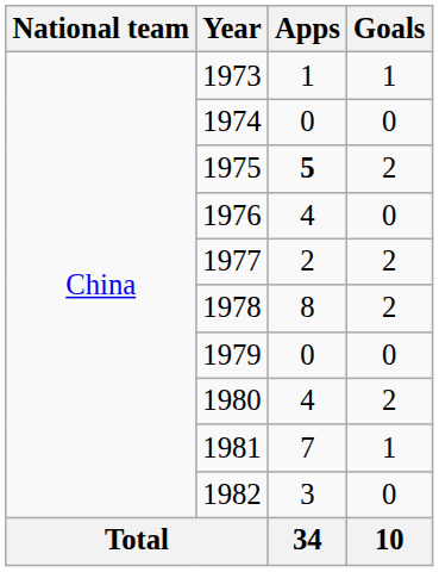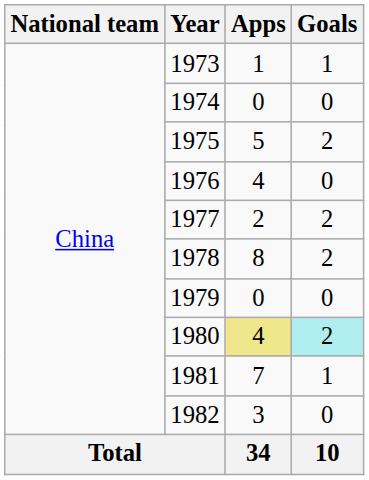 <table class="wikitable" style="text-align:center">
 <tr>
 <th>National team</th>
 <th>Year</th>
 <th>Apps</th>
 <th>Goals</th>
 </tr>
 <tr>
 <td rowspan="10"><a href='#'>China</a></td>
 <td>1973</td>
 <td>1</td>
 <td>1</td>
 </tr>
 <tr>
 <td>1974</td>
 <td>0</td>
 <td>0</td>
 </tr>
 <tr>
 <td>1975</td>
-<td><strong>5</strong></td>
+<td>5</td>
 <td>2</td>
 </tr>
 <tr>
 <td>1976</td>
 <td>4</td>
 <td>0</td>
 </tr>
 <tr>
 <td>1977</td>
 <td>2</td>
 <td>2</td>
 </tr>
 <tr>
 <td>1978</td>
 <td>8</td>
 <td>2</td>
 </tr>
 <tr>
 <td>1979</td>
 <td>0</td>
 <td>0</td>
 </tr>
 <tr>
 <td>1980</td>
-<td>4</td>
-<td>2</td>
+<td style="background: khaki;">4</td>
+<td style="background: paleturquoise;">2</td>
 </tr>
 <tr>
 <td>1981</td>
 <td>7</td>
 <td>1</td>
 </tr>
 <tr>
 <td>1982</td>
 <td>3</td>
 <td>0</td>
 </tr>
 <tr>
 <th colspan=2>Total</th>
 <th>34</th>
 <th>10</th>
 </tr>
 </table>
